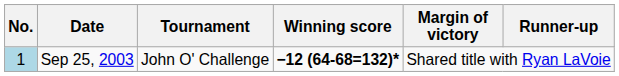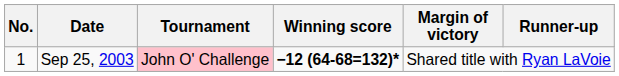 <table class="wikitable" style="font-size:95%;">
 <tr>
 <th>No.</th>
 <th>Date</th>
 <th>Tournament</th>
 <th>Winning score</th>
 <th>Margin of<br>victory</th>
 <th>Runner-up</th>
 </tr>
 <tr>
-<td align=center style="background: lightblue;">1</td>
+<td align=center>1</td>
 <td align=right>Sep 25, <a href='#'>2003</a></td>
-<td>John O' Challenge</td>
+<td style="background: pink;">John O' Challenge</td>
 <td><strong>−12 (64-68=132)*</strong></td>
 <td colspan=2>Shared title with  <a href='#'>Ryan LaVoie</a></td>
 </tr>
 </table>
